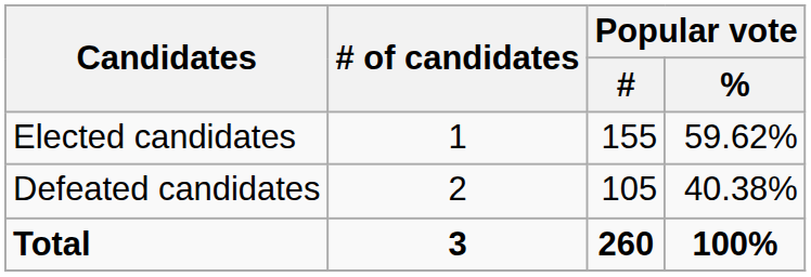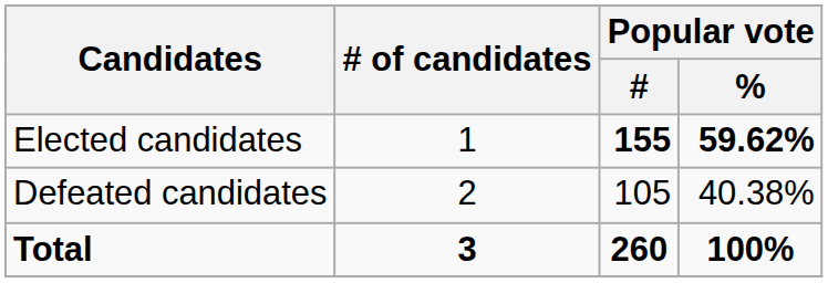 <table class="wikitable">
 <tr>
 <th rowspan="2">Candidates</th>
 <th rowspan="2"># of candidates</th>
 <th colspan="2">Popular vote</th>
 </tr>
 <tr>
 <th>#</th>
 <th>%</th>
 </tr>
 <tr>
 <td>Elected candidates</td>
 <td align="center">1</td>
-<td align="right">155</td>
-<td align="right">59.62%</td>
+<td align="right"><strong>155</strong></td>
+<td align="right"><strong>59.62%</strong></td>
 </tr>
 <tr>
 <td>Defeated candidates</td>
 <td align="center">2</td>
 <td align="right">105</td>
 <td align="right">40.38%</td>
 </tr>
 <tr>
 <td><strong>Total</strong></td>
 <td align="center"><strong>3</strong></td>
 <td align="center"><strong>260</strong></td>
 <td align="center"><strong>100%</strong></td>
 </tr>
 <tr>
 </tr>
 </table>
